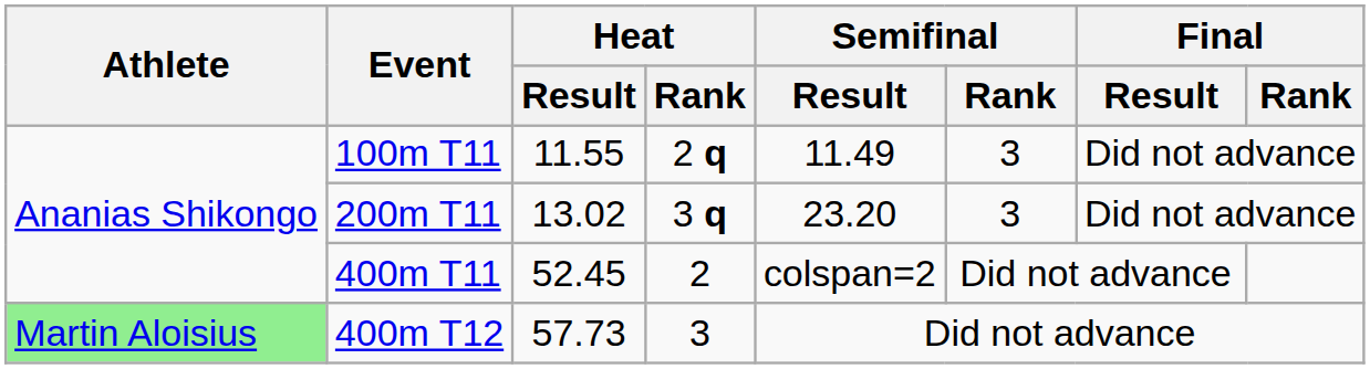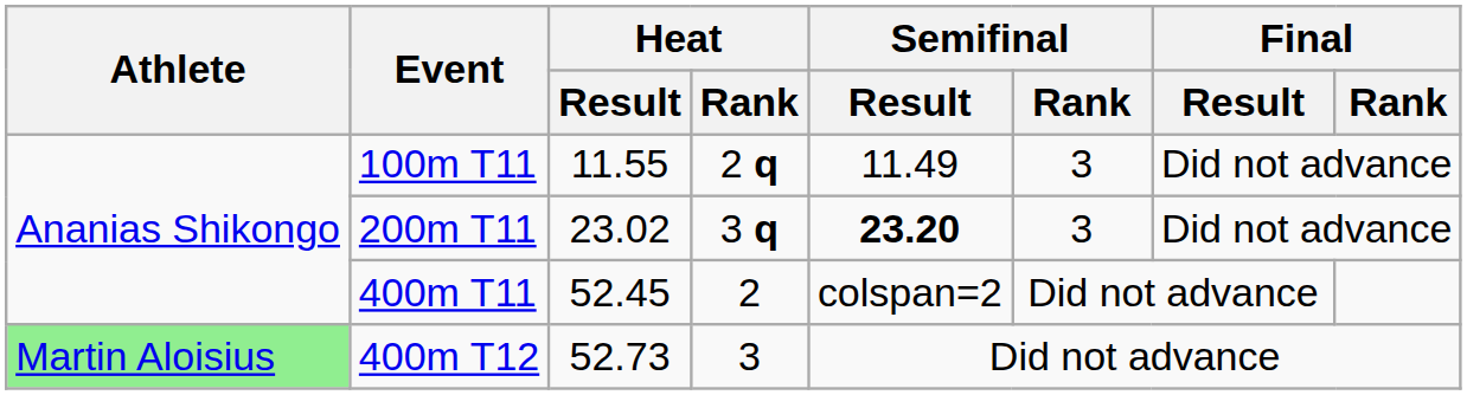 <table class="wikitable" style="font-size:90%">
 <tr>
 <th rowspan="2">Athlete</th>
 <th rowspan="2">Event</th>
 <th colspan="2">Heat</th>
 <th colspan="2">Semifinal</th>
 <th colspan="2">Final</th>
 </tr>
 <tr>
 <th>Result</th>
 <th>Rank</th>
 <th>Result</th>
 <th>Rank</th>
 <th>Result</th>
 <th>Rank</th>
 </tr>
 <tr align=center>
 <td align=left rowspan=3><a href='#'>Ananias Shikongo</a></td>
 <td align=left><a href='#'>100m T11</a></td>
 <td>11.55</td>
 <td>2 <strong>q</strong></td>
 <td>11.49</td>
 <td>3</td>
 <td colspan=2>Did not advance</td>
 </tr>
 <tr align=center>
 <td align=left><a href='#'>200m T11</a></td>
-<td>13.02</td>
+<td>23.02</td>
 <td>3 <strong>q</strong></td>
-<td>23.20</td>
+<td><strong>23.20</strong></td>
 <td>3</td>
 <td colspan=2>Did not advance</td>
 </tr>
 <tr align=center>
 <td align=left><a href='#'>400m T11</a></td>
 <td>52.45</td>
 <td>2</td>
 <td>colspan=2 </td>
 <td colspan=2>Did not advance</td>
 </tr>
 <tr align=center>
 <td align=left style="background: lightgreen;"><a href='#'>Martin Aloisius</a></td>
 <td align=left><a href='#'>400m T12</a></td>
-<td>57.73</td>
+<td>52.73</td>
 <td>3</td>
 <td colspan=4>Did not advance</td>
 </tr>
 </table>
